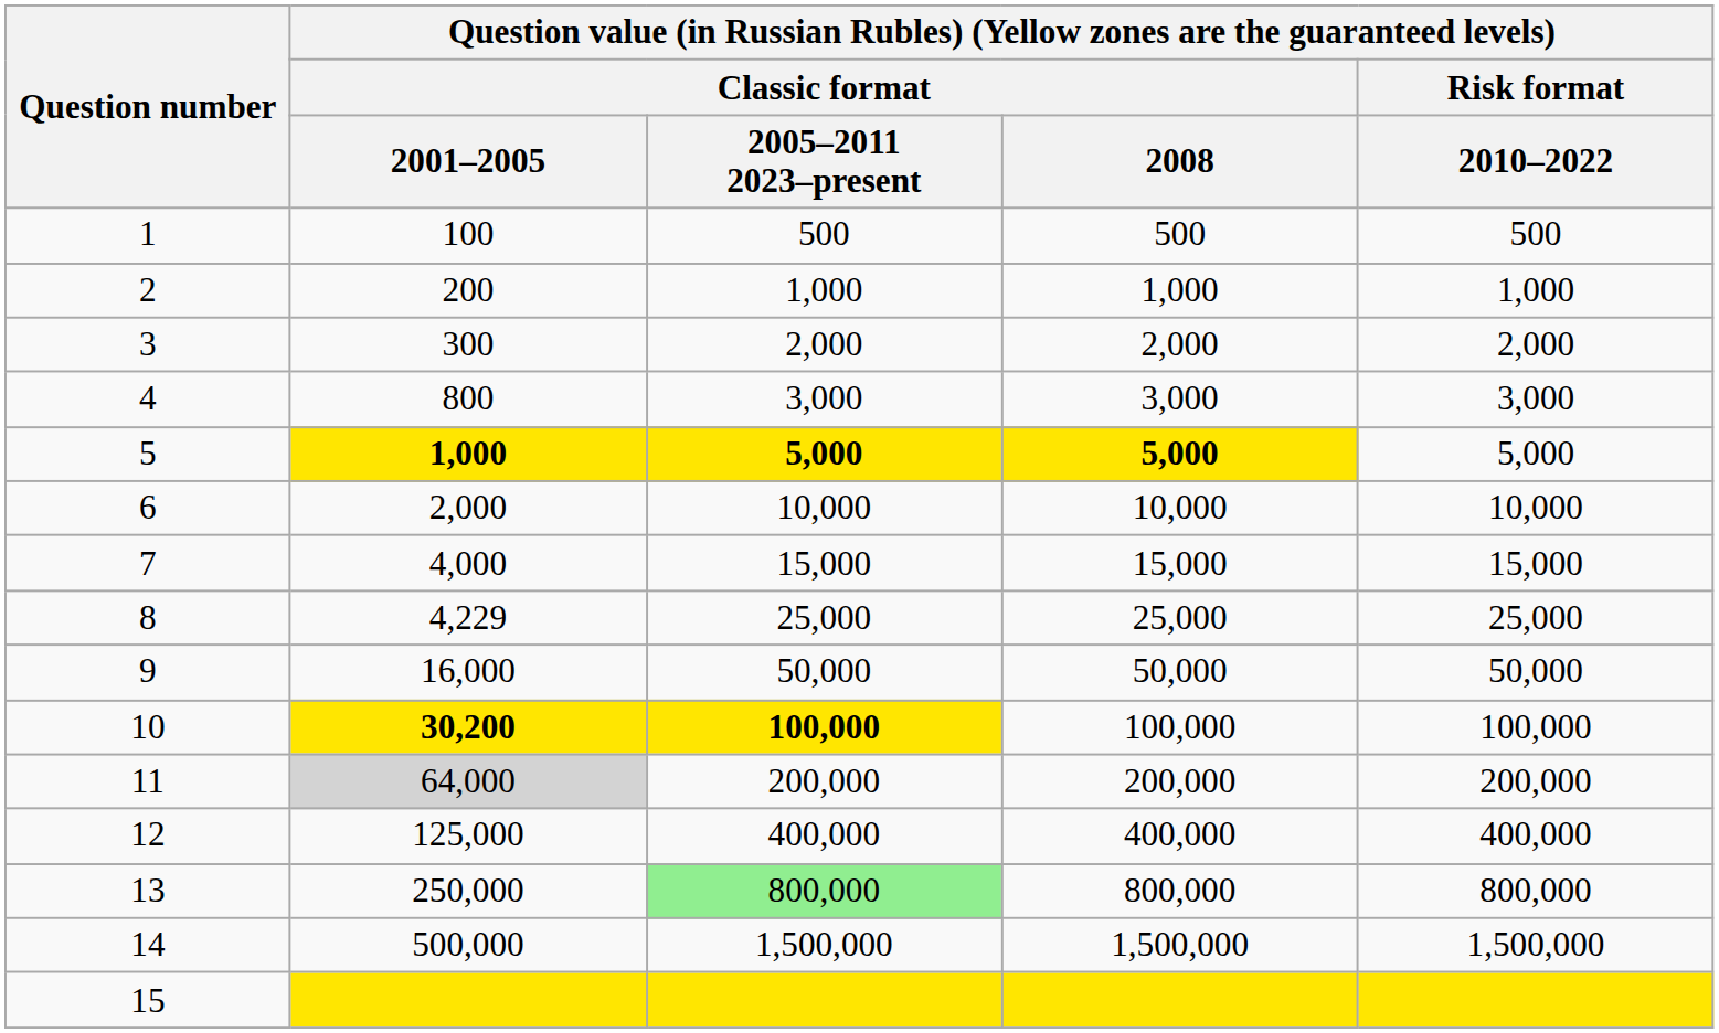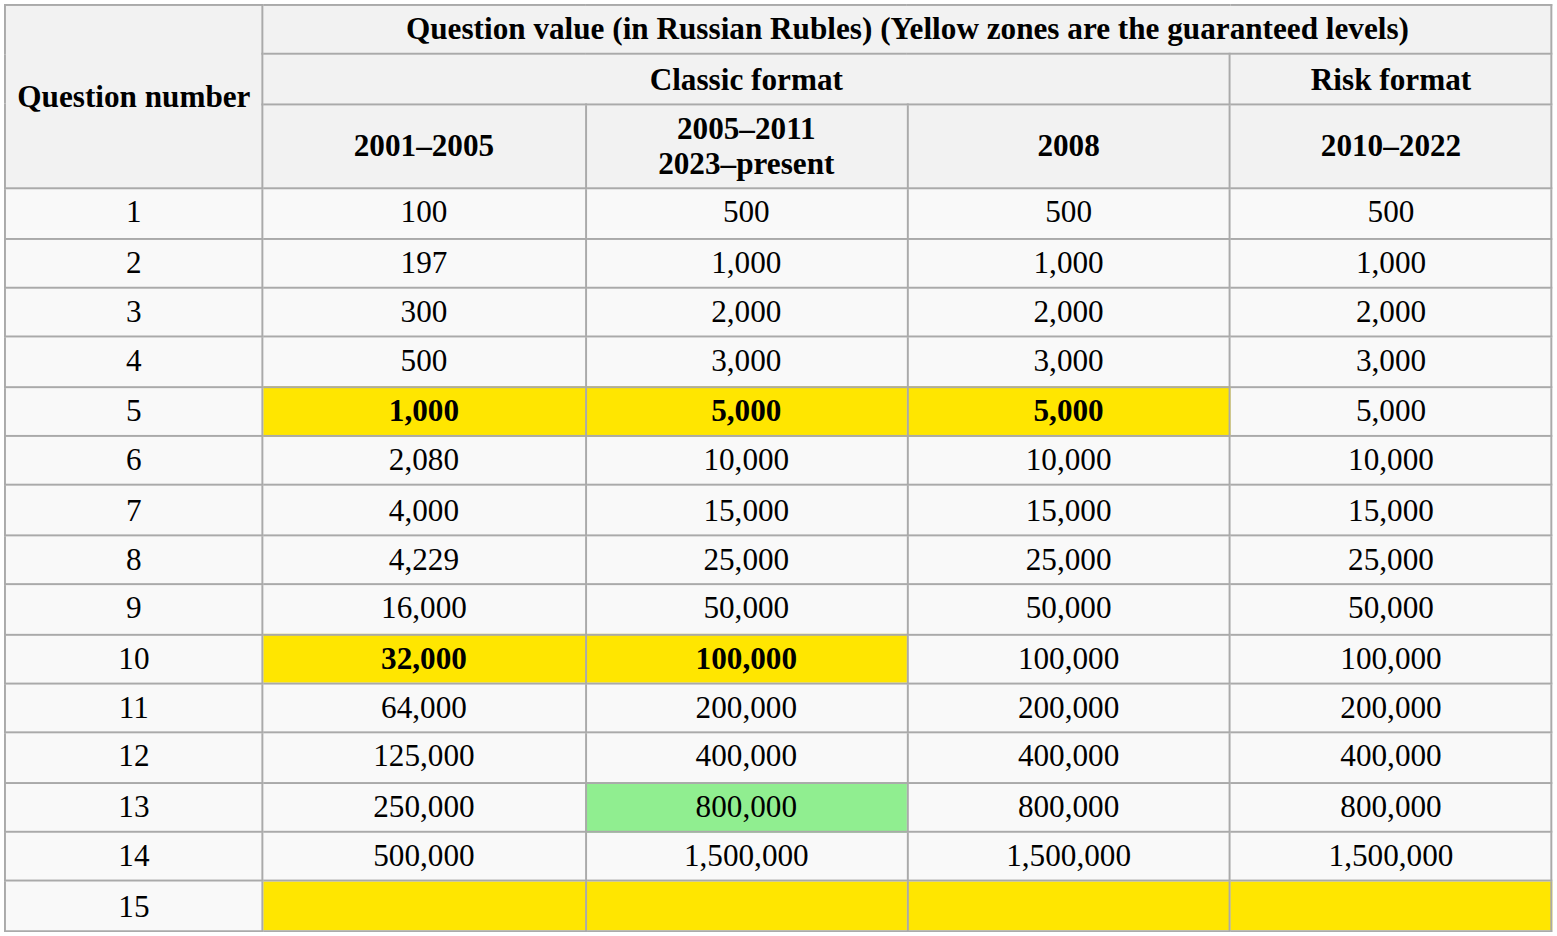 <table class="wikitable" style="text-align:center; border:1px; cellpadding:2; cellspacing:0;">
 <tr>
 <th rowspan="3" style="width: 16%">Question number</th>
 <th colspan="4">Question value (in Russian Rubles) (Yellow zones are the guaranteed levels)</th>
 </tr>
 <tr>
 <th colspan="3">Classic format</th>
 <th>Risk format</th>
 </tr>
 <tr>
 <th style="width: 20%">2001–2005</th>
 <th style="width: 20%">2005–2011<br>2023–present</th>
 <th style="width: 20%">2008</th>
 <th style="width: 20%">2010–2022</th>
 </tr>
 <tr>
 <td>1</td>
 <td><span>100</span></td>
 <td><span>500</span></td>
 <td><span>500</span></td>
 <td><span>500</span></td>
 </tr>
 <tr>
 <td>2</td>
-<td><span>200</span></td>
+<td><span>197</span></td>
 <td><span>1,000</span></td>
 <td><span>1,000</span></td>
 <td><span>1,000</span></td>
 </tr>
 <tr>
 <td>3</td>
 <td><span>300</span></td>
 <td><span>2,000</span></td>
 <td><span>2,000</span></td>
 <td><span>2,000</span></td>
 </tr>
 <tr>
 <td>4</td>
-<td><span>800</span></td>
+<td><span>500</span></td>
 <td><span>3,000</span></td>
 <td><span>3,000</span></td>
 <td><span>3,000</span></td>
 </tr>
 <tr>
 <td>5</td>
 <td style="background: #FFE600"><span><strong>1,000</strong></span></td>
 <td style="background: #FFE600"><span><strong>5,000</strong></span></td>
 <td style="background: #FFE600"><span><strong>5,000</strong></span></td>
 <td><span>5,000</span></td>
 </tr>
 <tr>
 <td>6</td>
-<td><span>2,000</span></td>
+<td><span>2,080</span></td>
 <td><span>10,000</span></td>
 <td><span>10,000</span></td>
 <td><span>10,000</span></td>
 </tr>
 <tr>
 <td>7</td>
 <td><span>4,000</span></td>
 <td><span>15,000</span></td>
 <td><span>15,000</span></td>
 <td><span>15,000</span></td>
 </tr>
 <tr>
 <td>8</td>
 <td><span>4,229</span></td>
 <td><span>25,000</span></td>
 <td><span>25,000</span></td>
 <td><span>25,000</span></td>
 </tr>
 <tr>
 <td>9</td>
 <td><span>16,000</span></td>
 <td><span>50,000</span></td>
 <td><span>50,000</span></td>
 <td><span>50,000</span></td>
 </tr>
 <tr>
 <td>10</td>
-<td style="background: #FFE600"><span><strong>30,200</strong></span></td>
+<td style="background: #FFE600"><span><strong>32,000</strong></span></td>
 <td style="background: #FFE600"><span><strong>100,000</strong></span></td>
 <td><span>100,000</span></td>
 <td><span>100,000</span></td>
 </tr>
 <tr>
 <td>11</td>
-<td style="background: lightgrey;"><span>64,000</span></td>
+<td><span>64,000</span></td>
 <td><span>200,000</span></td>
 <td><span>200,000</span></td>
 <td><span>200,000</span></td>
 </tr>
 <tr>
 <td>12</td>
 <td><span>125,000</span></td>
 <td><span>400,000</span></td>
 <td><span>400,000</span></td>
 <td><span>400,000</span></td>
 </tr>
 <tr>
 <td>13</td>
 <td><span>250,000</span></td>
 <td style="background: lightgreen;"><span>800,000</span></td>
 <td><span>800,000</span></td>
 <td><span>800,000</span></td>
 </tr>
 <tr>
 <td>14</td>
 <td><span>500,000</span></td>
 <td><span>1,500,000</span></td>
 <td><span>1,500,000</span></td>
 <td><span>1,500,000</span></td>
 </tr>
 <tr>
 <td>15</td>
 <td style="background: #FFE600"><span><strong></strong></span></td>
 <td style="background: #FFE600"><span><strong></strong></span></td>
 <td style="background: #FFE600"><span><strong></strong></span></td>
 <td style="background: #FFE600"><span><strong></strong></span></td>
 </tr>
 </table>
